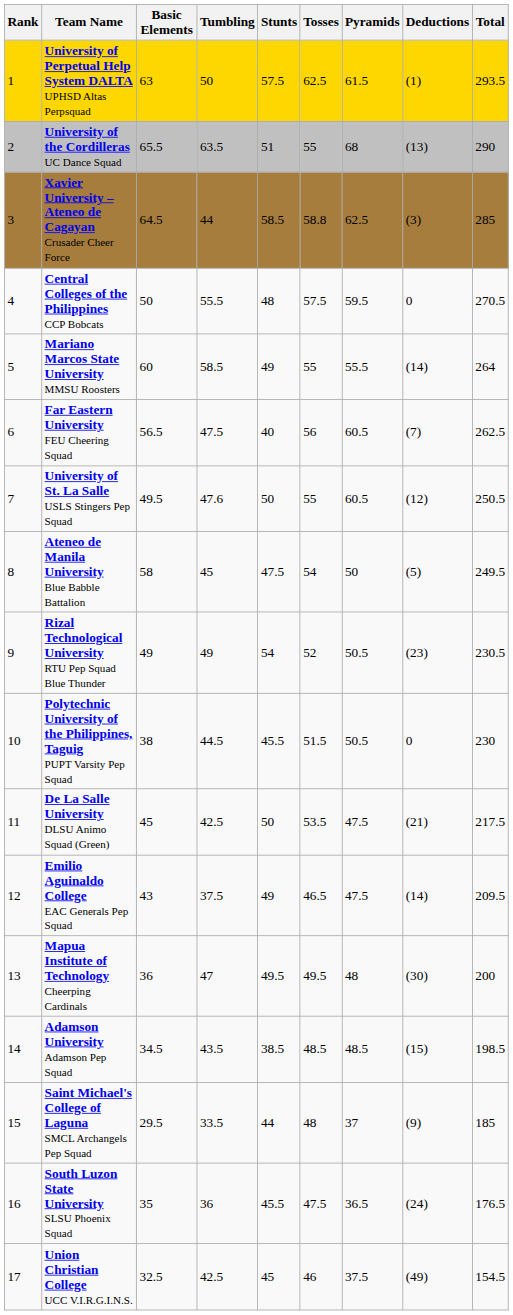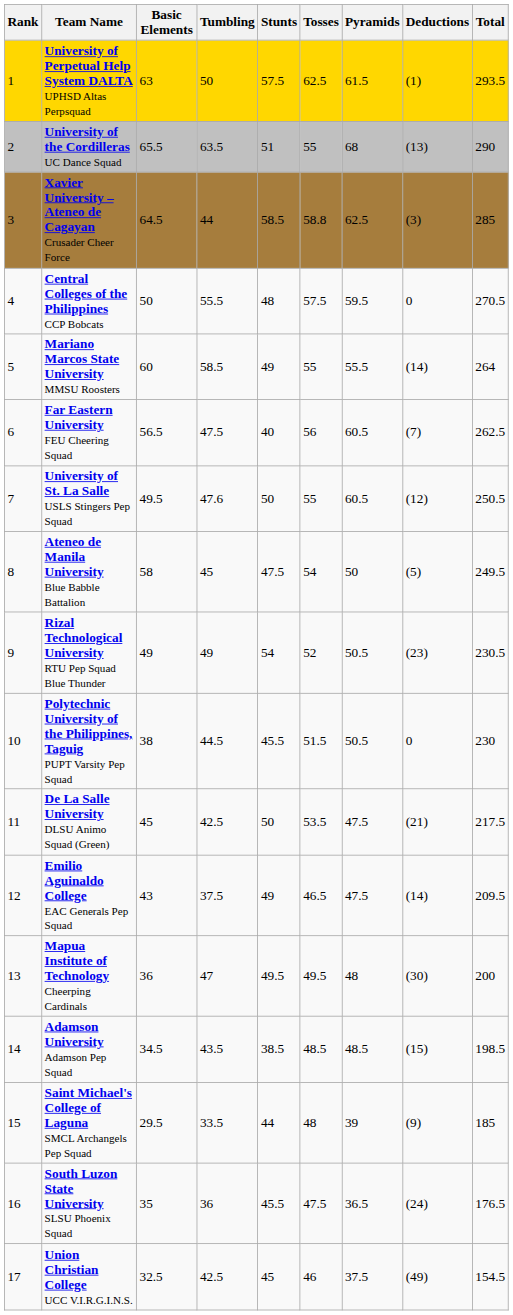 <table class="wikitable" style="text align: center">
 <tr bgcolor="#efefef">
 <th>Rank</th>
 <th>Team Name</th>
 <th>Basic Elements</th>
 <th>Tumbling</th>
 <th>Stunts</th>
 <th>Tosses</th>
 <th>Pyramids</th>
 <th>Deductions</th>
 <th>Total</th>
 </tr>
 <tr bgcolor="gold">
 <td>1</td>
 <td><strong><a href='#'>University of Perpetual Help System DALTA</a></strong> <br> <small>UPHSD Altas Perpsquad</small></td>
 <td>63</td>
 <td>50</td>
 <td>57.5</td>
 <td>62.5</td>
 <td>61.5</td>
 <td>(1)</td>
 <td>293.5</td>
 </tr>
 <tr bgcolor="silver">
 <td>2</td>
 <td><strong><a href='#'>University of the Cordilleras</a></strong> <br> <small>UC Dance Squad</small></td>
 <td>65.5</td>
 <td>63.5</td>
 <td>51</td>
 <td>55</td>
 <td>68</td>
 <td>(13)</td>
 <td>290</td>
 </tr>
 <tr bgcolor="#A67D3D">
 <td>3</td>
 <td><strong><a href='#'>Xavier University – Ateneo de Cagayan</a></strong> <br> <small>Crusader Cheer Force</small></td>
 <td>64.5</td>
 <td>44</td>
 <td>58.5</td>
 <td>58.8</td>
 <td>62.5</td>
 <td>(3)</td>
 <td>285</td>
 </tr>
 <tr>
 <td>4</td>
 <td><strong><a href='#'>Central Colleges of the Philippines</a></strong> <br> <small>CCP Bobcats</small></td>
 <td>50</td>
 <td>55.5</td>
 <td>48</td>
 <td>57.5</td>
 <td>59.5</td>
 <td>0</td>
 <td>270.5</td>
 </tr>
 <tr>
 <td>5</td>
 <td><strong><a href='#'>Mariano Marcos State University</a></strong> <br> <small>MMSU Roosters</small></td>
 <td>60</td>
 <td>58.5</td>
 <td>49</td>
 <td>55</td>
 <td>55.5</td>
 <td>(14)</td>
 <td>264</td>
 </tr>
 <tr>
 <td>6</td>
 <td><strong><a href='#'>Far Eastern University</a></strong> <br> <small>FEU Cheering Squad</small></td>
 <td>56.5</td>
 <td>47.5</td>
 <td>40</td>
 <td>56</td>
 <td>60.5</td>
 <td>(7)</td>
 <td>262.5</td>
 </tr>
 <tr>
 <td>7</td>
 <td><strong><a href='#'>University of St. La Salle</a></strong> <br> <small>USLS Stingers Pep Squad</small></td>
 <td>49.5</td>
 <td>47.6</td>
 <td>50</td>
 <td>55</td>
 <td>60.5</td>
 <td>(12)</td>
 <td>250.5</td>
 </tr>
 <tr>
 <td>8</td>
 <td><strong><a href='#'>Ateneo de Manila University</a></strong> <br> <small>Blue Babble Battalion</small></td>
 <td>58</td>
 <td>45</td>
 <td>47.5</td>
 <td>54</td>
 <td>50</td>
 <td>(5)</td>
 <td>249.5</td>
 </tr>
 <tr>
 <td>9</td>
 <td><strong><a href='#'>Rizal Technological University</a></strong> <br> <small>RTU Pep Squad Blue Thunder</small></td>
 <td>49</td>
 <td>49</td>
 <td>54</td>
 <td>52</td>
 <td>50.5</td>
 <td>(23)</td>
 <td>230.5</td>
 </tr>
 <tr>
 <td>10</td>
 <td><strong><a href='#'>Polytechnic University of the Philippines, Taguig</a></strong> <br> <small>PUPT Varsity Pep Squad</small></td>
 <td>38</td>
 <td>44.5</td>
 <td>45.5</td>
 <td>51.5</td>
 <td>50.5</td>
 <td>0</td>
 <td>230</td>
 </tr>
 <tr>
 <td>11</td>
 <td><strong><a href='#'>De La Salle University</a></strong> <br> <small>DLSU Animo Squad (Green)</small></td>
 <td>45</td>
 <td>42.5</td>
 <td>50</td>
 <td>53.5</td>
 <td>47.5</td>
 <td>(21)</td>
 <td>217.5</td>
 </tr>
 <tr>
 <td>12</td>
 <td><strong><a href='#'>Emilio Aguinaldo College</a></strong> <br> <small>EAC Generals Pep Squad</small></td>
 <td>43</td>
 <td>37.5</td>
 <td>49</td>
 <td>46.5</td>
 <td>47.5</td>
 <td>(14)</td>
 <td>209.5</td>
 </tr>
 <tr>
 <td>13</td>
 <td><strong><a href='#'>Mapua Institute of Technology</a></strong> <br> <small>Cheerping Cardinals</small></td>
 <td>36</td>
 <td>47</td>
 <td>49.5</td>
 <td>49.5</td>
 <td>48</td>
 <td>(30)</td>
 <td>200</td>
 </tr>
 <tr>
 <td>14</td>
 <td><strong><a href='#'>Adamson University</a></strong> <br> <small>Adamson Pep Squad</small></td>
 <td>34.5</td>
 <td>43.5</td>
 <td>38.5</td>
 <td>48.5</td>
 <td>48.5</td>
 <td>(15)</td>
 <td>198.5</td>
 </tr>
 <tr>
 <td>15</td>
 <td><strong><a href='#'>Saint Michael's College of Laguna</a></strong> <br> <small>SMCL Archangels Pep Squad</small></td>
 <td>29.5</td>
 <td>33.5</td>
 <td>44</td>
 <td>48</td>
-<td>37</td>
+<td>39</td>
 <td>(9)</td>
 <td>185</td>
 </tr>
 <tr>
 <td>16</td>
 <td><strong><a href='#'>South Luzon State University</a></strong> <br> <small>SLSU Phoenix Squad</small></td>
 <td>35</td>
 <td>36</td>
 <td>45.5</td>
 <td>47.5</td>
 <td>36.5</td>
 <td>(24)</td>
 <td>176.5</td>
 </tr>
 <tr>
 <td>17</td>
 <td><strong><a href='#'>Union Christian College</a></strong> <br> <small>UCC V.I.R.G.I.N.S.</small></td>
 <td>32.5</td>
 <td>42.5</td>
 <td>45</td>
 <td>46</td>
 <td>37.5</td>
 <td>(49)</td>
 <td>154.5</td>
 </tr>
 </table>
